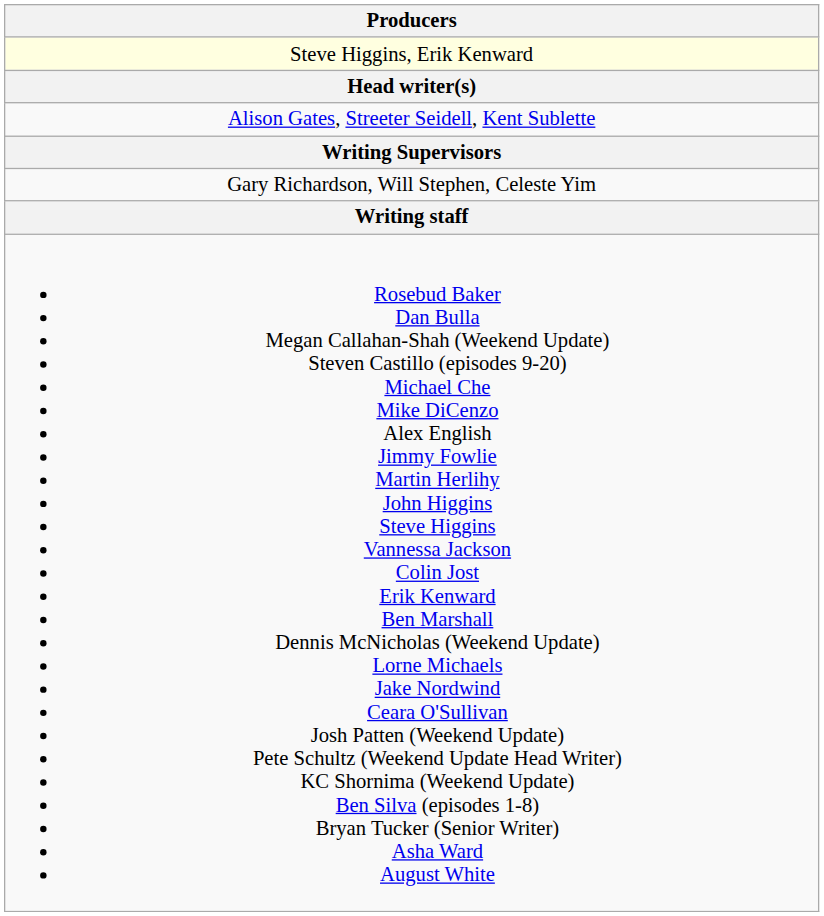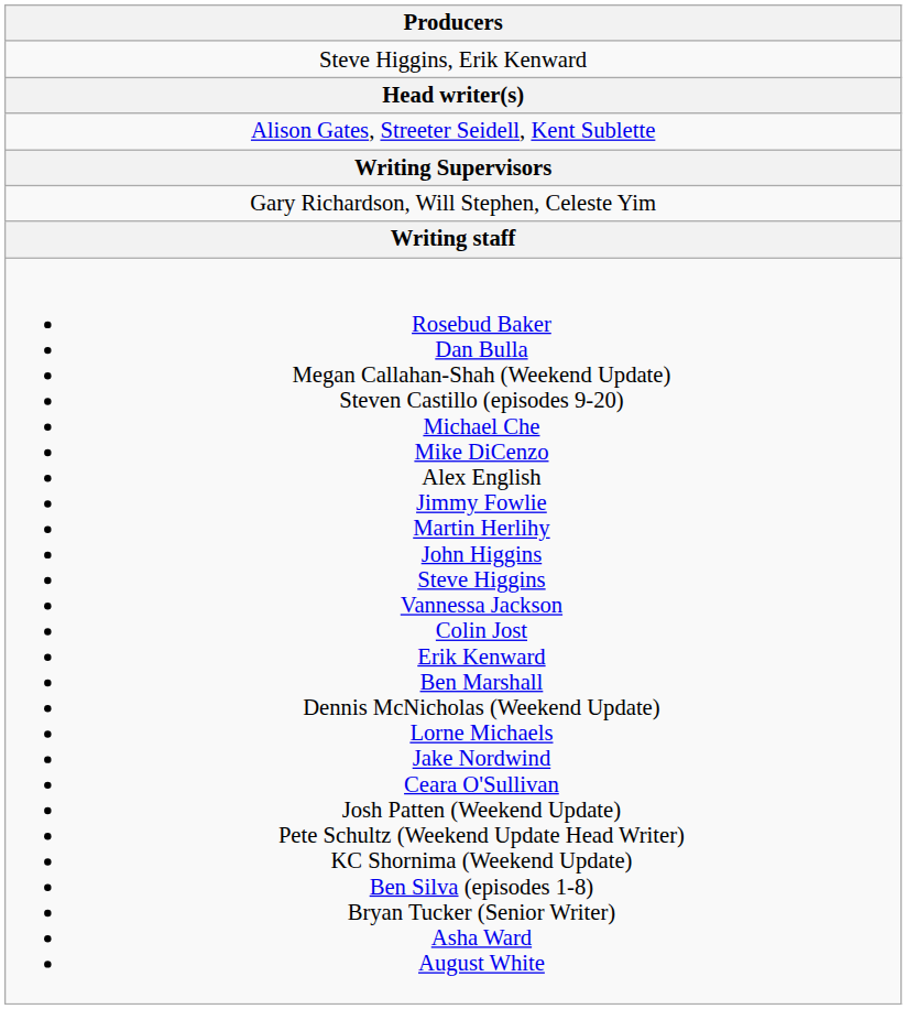 <table class="wikitable plainrowheaders"  style="text-align:center; width:50%;">
 <tr>
 <th><strong>Producers</strong></th>
 </tr>
 <tr>
-<td style="background: lightyellow;">Steve Higgins, Erik Kenward</td>
+<td>Steve Higgins, Erik Kenward</td>
 </tr>
 <tr>
 <th><strong>Head writer(s)</strong></th>
 </tr>
 <tr>
 <td><a href='#'>Alison Gates</a>, <a href='#'>Streeter Seidell</a>, <a href='#'>Kent Sublette</a></td>
 </tr>
 <tr>
 <th><strong>Writing Supervisors</strong></th>
 </tr>
 <tr>
 <td>Gary Richardson, Will Stephen, Celeste Yim</td>
 </tr>
 <tr>
 <th><strong>Writing staff</strong></th>
 </tr>
 <tr>
 <td><br><ul><li><a href='#'>Rosebud Baker</a></li><li><a href='#'>Dan Bulla</a></li><li>Megan Callahan-Shah (Weekend Update)</li><li>Steven Castillo (episodes 9-20)</li><li><a href='#'>Michael Che</a></li><li><a href='#'>Mike DiCenzo</a></li><li>Alex English</li><li><a href='#'>Jimmy Fowlie</a></li><li><a href='#'>Martin Herlihy</a></li><li><a href='#'>John Higgins</a></li><li><a href='#'>Steve Higgins</a></li><li><a href='#'>Vannessa Jackson</a></li><li><a href='#'>Colin Jost</a></li><li><a href='#'>Erik Kenward</a></li><li><a href='#'>Ben Marshall</a></li><li>Dennis McNicholas (Weekend Update)</li><li><a href='#'>Lorne Michaels</a></li><li><a href='#'>Jake Nordwind</a></li><li><a href='#'>Ceara O'Sullivan</a></li><li>Josh Patten (Weekend Update)</li><li>Pete Schultz (Weekend Update Head Writer)</li><li>KC Shornima (Weekend Update)</li><li><a href='#'>Ben Silva</a> (episodes 1-8)</li><li>Bryan Tucker (Senior Writer)</li><li><a href='#'>Asha Ward</a></li><li><a href='#'>August White</a></li></ul></td>
 </tr>
 </table>
